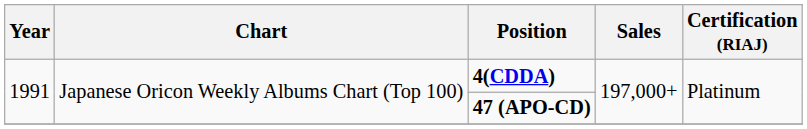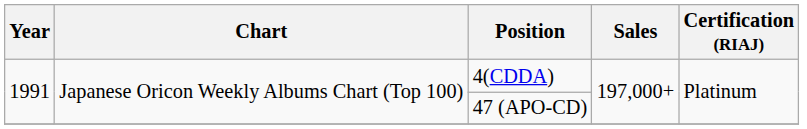 <table class="wikitable">
 <tr>
 <th>Year</th>
 <th>Chart</th>
 <th>Position</th>
 <th>Sales</th>
 <th>Certification<br><small> (RIAJ)</small></th>
 </tr>
 <tr>
 <td rowspan=2>1991</td>
 <td rowspan=2>Japanese Oricon Weekly Albums Chart (Top 100)</td>
-<td><strong>4(<a href='#'>CDDA</a>)</strong></td>
+<td>4(<a href='#'>CDDA</a>)</td>
 <td rowspan=2>197,000+</td>
 <td rowspan=2>Platinum</td>
 </tr>
 <tr>
-<td><strong>47 (APO-CD)</strong></td>
+<td>47 (APO-CD)</td>
 </tr>
 <tr>
 </tr>
 </table>
